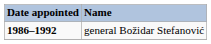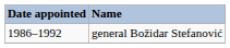 <table class="wikitable">
 <tr>
 <th style="text-align: left; background: #B0C4DE;">Date appointed</th>
 <th style="text-align: left; background: #B0C4DE;">Name</th>
 </tr>
 <tr>
-<td><strong>1986–1992</strong></td>
+<td>1986–1992</td>
 <td>general Božidar Stefanović</td>
 </tr>
 <tr>
 </tr>
 </table>
